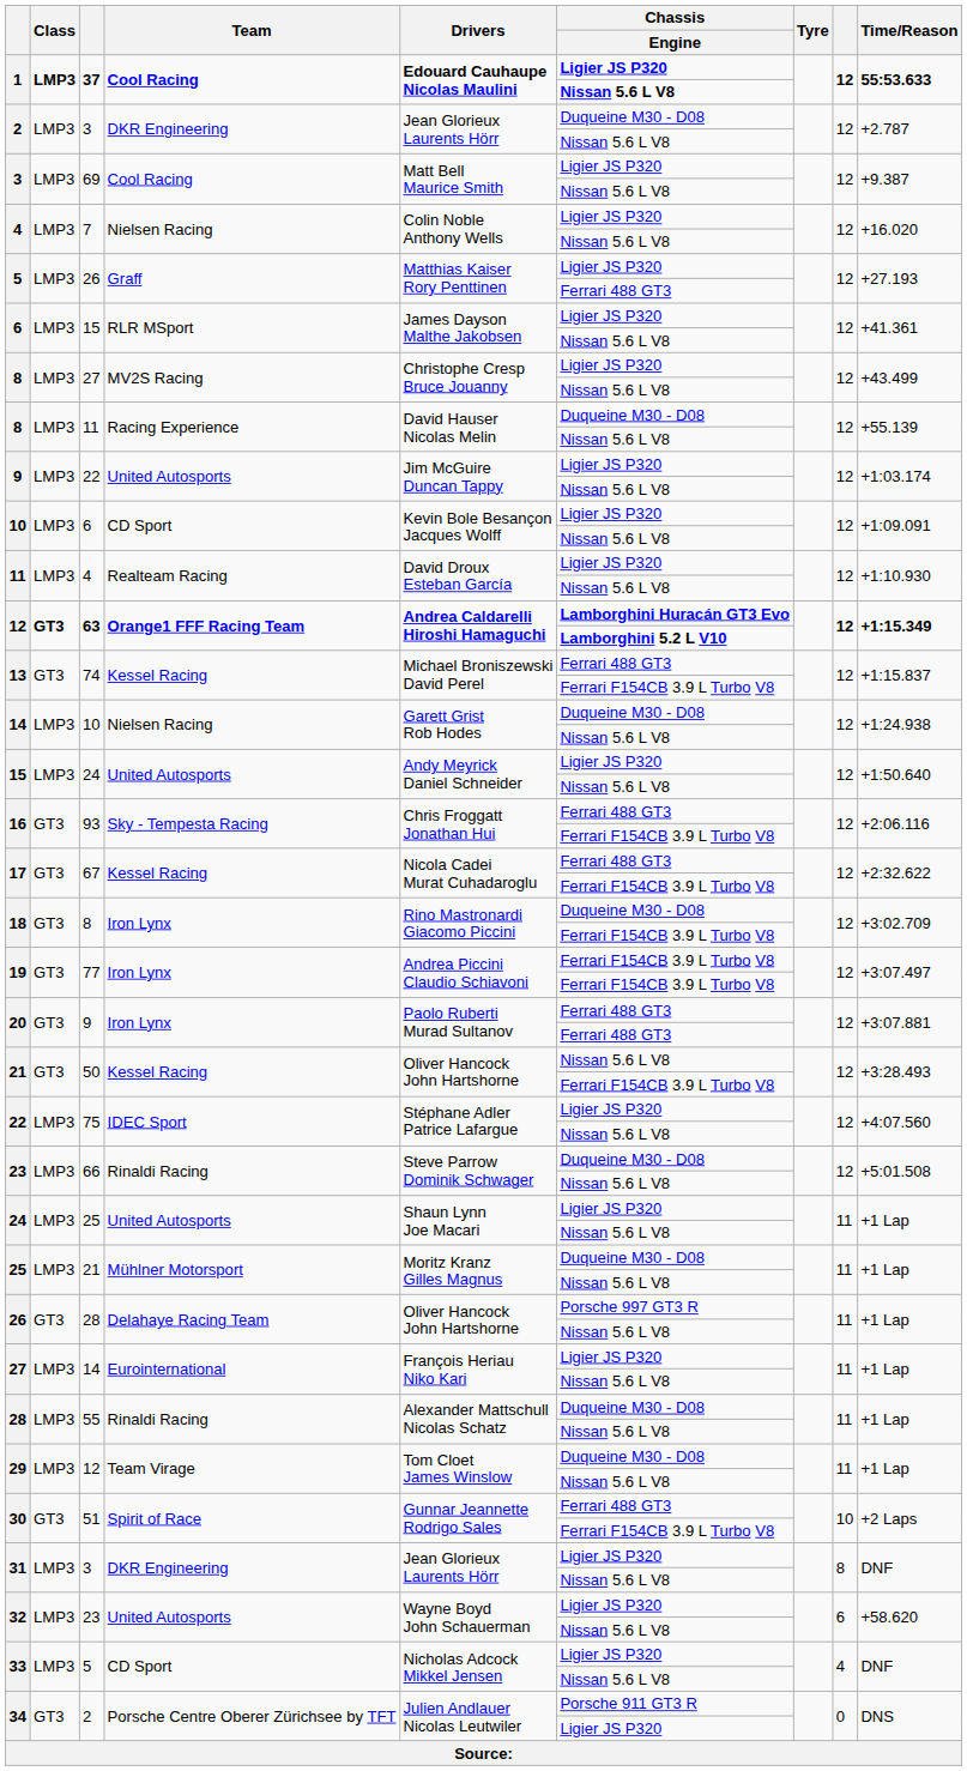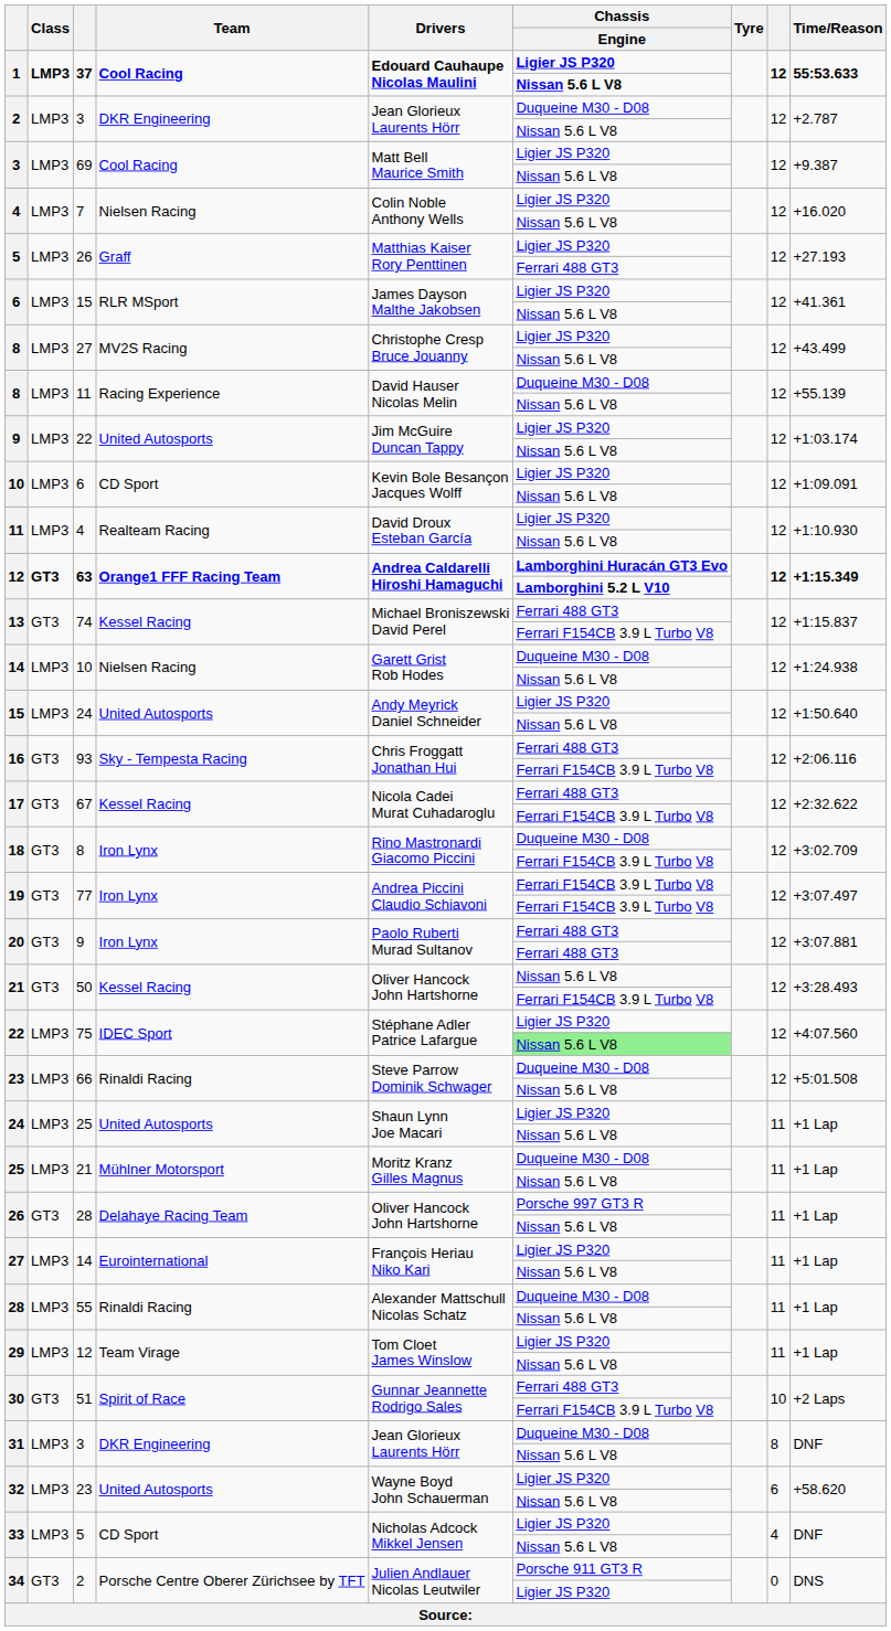 <table class="wikitable" style="font-size: 95%;">
 <tr>
 <th rowspan=2></th>
 <th rowspan=2>Class</th>
 <th rowspan=2></th>
 <th rowspan=2>Team</th>
 <th rowspan=2>Drivers</th>
 <th scope=col>Chassis</th>
 <th rowspan=2>Tyre</th>
 <th rowspan=2></th>
 <th rowspan=2>Time/Reason</th>
 </tr>
 <tr>
 <th scope=col>Engine</th>
 </tr>
 <tr style="font-weight:bold">
 <th rowspan=2>1</th>
 <td rowspan=2>LMP3</td>
 <td rowspan=2>37</td>
 <td rowspan=2> <a href='#'>Cool Racing</a></td>
 <td rowspan=2> Edouard Cauhaupe<br> <a href='#'>Nicolas Maulini</a></td>
 <td><a href='#'>Ligier JS P320</a></td>
 <td rowspan=2></td>
 <td rowspan=2>12</td>
 <td rowspan=2>55:53.633</td>
 </tr>
 <tr style="font-weight:bold">
 <td><a href='#'>Nissan</a> 5.6 L V8</td>
 </tr>
 <tr>
 <th rowspan=2>2</th>
 <td rowspan=2>LMP3</td>
 <td rowspan=2>3</td>
 <td rowspan=2> <a href='#'>DKR Engineering</a></td>
 <td rowspan=2> Jean Glorieux<br> <a href='#'>Laurents Hörr</a></td>
 <td><a href='#'>Duqueine M30 - D08</a></td>
 <td rowspan=2></td>
 <td rowspan=2>12</td>
 <td rowspan=2>+2.787</td>
 </tr>
 <tr>
 <td><a href='#'>Nissan</a> 5.6 L V8</td>
 </tr>
 <tr>
 <th rowspan=2>3</th>
 <td rowspan=2>LMP3</td>
 <td rowspan=2>69</td>
 <td rowspan=2> <a href='#'>Cool Racing</a></td>
 <td rowspan=2> Matt Bell<br> <a href='#'>Maurice Smith</a></td>
 <td><a href='#'>Ligier JS P320</a></td>
 <td rowspan=2></td>
 <td rowspan=2>12</td>
 <td rowspan=2>+9.387</td>
 </tr>
 <tr>
 <td><a href='#'>Nissan</a> 5.6 L V8</td>
 </tr>
 <tr>
 <th rowspan=2>4</th>
 <td rowspan=2>LMP3</td>
 <td rowspan=2>7</td>
 <td rowspan=2> Nielsen Racing</td>
 <td rowspan=2> Colin Noble<br> Anthony Wells</td>
 <td><a href='#'>Ligier JS P320</a></td>
 <td rowspan=2></td>
 <td rowspan=2>12</td>
 <td rowspan=2>+16.020</td>
 </tr>
 <tr>
 <td><a href='#'>Nissan</a> 5.6 L V8</td>
 </tr>
 <tr>
 <th rowspan=2>5</th>
 <td rowspan=2>LMP3</td>
 <td rowspan=2>26</td>
 <td rowspan=2> <a href='#'>Graff</a></td>
 <td rowspan=2> <a href='#'>Matthias Kaiser</a><br> <a href='#'>Rory Penttinen</a></td>
 <td><a href='#'>Ligier JS P320</a></td>
 <td rowspan=2></td>
 <td rowspan=2>12</td>
 <td rowspan=2>+27.193</td>
 </tr>
 <tr>
 <td><a href='#'>Ferrari 488 GT3</a></td>
 </tr>
 <tr>
 <th rowspan=2>6</th>
 <td rowspan=2>LMP3</td>
 <td rowspan=2>15</td>
 <td rowspan=2> RLR MSport</td>
 <td rowspan=2> James Dayson<br> <a href='#'>Malthe Jakobsen</a></td>
 <td><a href='#'>Ligier JS P320</a></td>
 <td rowspan=2></td>
 <td rowspan=2>12</td>
 <td rowspan=2>+41.361</td>
 </tr>
 <tr>
 <td><a href='#'>Nissan</a> 5.6 L V8</td>
 </tr>
 <tr>
 <th rowspan=2>8</th>
 <td rowspan=2>LMP3</td>
 <td rowspan=2>27</td>
 <td rowspan=2> MV2S Racing</td>
 <td rowspan=2> Christophe Cresp<br> <a href='#'>Bruce Jouanny</a></td>
 <td><a href='#'>Ligier JS P320</a></td>
 <td rowspan=2></td>
 <td rowspan=2>12</td>
 <td rowspan=2>+43.499</td>
 </tr>
 <tr>
 <td><a href='#'>Nissan</a> 5.6 L V8</td>
 </tr>
 <tr>
 <th rowspan=2>8</th>
 <td rowspan=2>LMP3</td>
 <td rowspan=2>11</td>
 <td rowspan=2> Racing Experience</td>
 <td rowspan=2> David Hauser<br> Nicolas Melin</td>
 <td><a href='#'>Duqueine M30 - D08</a></td>
 <td rowspan=2></td>
 <td rowspan=2>12</td>
 <td rowspan=2>+55.139</td>
 </tr>
 <tr>
 <td><a href='#'>Nissan</a> 5.6 L V8</td>
 </tr>
 <tr>
 <th rowspan=2>9</th>
 <td rowspan=2>LMP3</td>
 <td rowspan=2>22</td>
 <td rowspan=2> <a href='#'>United Autosports</a></td>
 <td rowspan=2> Jim McGuire<br> <a href='#'>Duncan Tappy</a></td>
 <td><a href='#'>Ligier JS P320</a></td>
 <td rowspan=2></td>
 <td rowspan=2>12</td>
 <td rowspan=2>+1:03.174</td>
 </tr>
 <tr>
 <td><a href='#'>Nissan</a> 5.6 L V8</td>
 </tr>
 <tr>
 <th rowspan=2>10</th>
 <td rowspan=2>LMP3</td>
 <td rowspan=2>6</td>
 <td rowspan=2> CD Sport</td>
 <td rowspan=2> Kevin Bole Besançon<br> Jacques Wolff</td>
 <td><a href='#'>Ligier JS P320</a></td>
 <td rowspan=2></td>
 <td rowspan=2>12</td>
 <td rowspan=2>+1:09.091</td>
 </tr>
 <tr>
 <td><a href='#'>Nissan</a> 5.6 L V8</td>
 </tr>
 <tr>
 <th rowspan=2>11</th>
 <td rowspan=2>LMP3</td>
 <td rowspan=2>4</td>
 <td rowspan=2> Realteam Racing</td>
 <td rowspan=2> David Droux<br> <a href='#'>Esteban García</a></td>
 <td><a href='#'>Ligier JS P320</a></td>
 <td rowspan=2></td>
 <td rowspan=2>12</td>
 <td rowspan=2>+1:10.930</td>
 </tr>
 <tr>
 <td><a href='#'>Nissan</a> 5.6 L V8</td>
 </tr>
 <tr style="font-weight:bold">
 <th rowspan=2>12</th>
 <td rowspan=2>GT3</td>
 <td rowspan=2>63</td>
 <td rowspan=2> <a href='#'>Orange1 FFF Racing Team</a></td>
 <td rowspan=2> <a href='#'>Andrea Caldarelli</a><br> <a href='#'>Hiroshi Hamaguchi</a></td>
 <td><a href='#'>Lamborghini Huracán GT3 Evo</a></td>
 <td rowspan=2></td>
 <td rowspan=2>12</td>
 <td rowspan=2>+1:15.349</td>
 </tr>
 <tr style="font-weight:bold">
 <td><a href='#'>Lamborghini</a> 5.2 L <a href='#'>V10</a></td>
 </tr>
 <tr>
 <th rowspan=2>13</th>
 <td rowspan=2>GT3</td>
 <td rowspan=2>74</td>
 <td rowspan=2> <a href='#'>Kessel Racing</a></td>
 <td rowspan=2> Michael Broniszewski<br> David Perel</td>
 <td><a href='#'>Ferrari 488 GT3</a></td>
 <td rowspan=2></td>
 <td rowspan=2>12</td>
 <td rowspan=2>+1:15.837</td>
 </tr>
 <tr>
 <td><a href='#'>Ferrari F154CB</a> 3.9 L <a href='#'>Turbo</a> <a href='#'>V8</a></td>
 </tr>
 <tr>
 <th rowspan=2>14</th>
 <td rowspan=2>LMP3</td>
 <td rowspan=2>10</td>
 <td rowspan=2> Nielsen Racing</td>
 <td rowspan=2> <a href='#'>Garett Grist</a><br> Rob Hodes</td>
 <td><a href='#'>Duqueine M30 - D08</a></td>
 <td rowspan=2></td>
 <td rowspan=2>12</td>
 <td rowspan=2>+1:24.938</td>
 </tr>
 <tr>
 <td><a href='#'>Nissan</a> 5.6 L V8</td>
 </tr>
 <tr>
 <th rowspan=2>15</th>
 <td rowspan=2>LMP3</td>
 <td rowspan=2>24</td>
 <td rowspan=2> <a href='#'>United Autosports</a></td>
 <td rowspan=2> <a href='#'>Andy Meyrick</a><br> Daniel Schneider</td>
 <td><a href='#'>Ligier JS P320</a></td>
 <td rowspan=2></td>
 <td rowspan=2>12</td>
 <td rowspan=2>+1:50.640</td>
 </tr>
 <tr>
 <td><a href='#'>Nissan</a> 5.6 L V8</td>
 </tr>
 <tr>
 <th rowspan=2>16</th>
 <td rowspan=2>GT3</td>
 <td rowspan=2>93</td>
 <td rowspan=2> <a href='#'>Sky - Tempesta Racing</a></td>
 <td rowspan=2> Chris Froggatt<br> <a href='#'>Jonathan Hui</a></td>
 <td><a href='#'>Ferrari 488 GT3</a></td>
 <td rowspan=2></td>
 <td rowspan=2>12</td>
 <td rowspan=2>+2:06.116</td>
 </tr>
 <tr>
 <td><a href='#'>Ferrari F154CB</a> 3.9 L <a href='#'>Turbo</a> <a href='#'>V8</a></td>
 </tr>
 <tr>
 <th rowspan=2>17</th>
 <td rowspan=2>GT3</td>
 <td rowspan=2>67</td>
 <td rowspan=2> <a href='#'>Kessel Racing</a></td>
 <td rowspan=2> Nicola Cadei<br> Murat Cuhadaroglu</td>
 <td><a href='#'>Ferrari 488 GT3</a></td>
 <td rowspan=2></td>
 <td rowspan=2>12</td>
 <td rowspan=2>+2:32.622</td>
 </tr>
 <tr>
 <td><a href='#'>Ferrari F154CB</a> 3.9 L <a href='#'>Turbo</a> <a href='#'>V8</a></td>
 </tr>
 <tr>
 <th rowspan=2>18</th>
 <td rowspan=2>GT3</td>
 <td rowspan=2>8</td>
 <td rowspan=2> <a href='#'>Iron Lynx</a></td>
 <td rowspan=2> <a href='#'>Rino Mastronardi</a><br> <a href='#'>Giacomo Piccini</a></td>
 <td><a href='#'>Duqueine M30 - D08</a></td>
 <td rowspan=2></td>
 <td rowspan=2>12</td>
 <td rowspan=2>+3:02.709</td>
 </tr>
 <tr>
 <td><a href='#'>Ferrari F154CB</a> 3.9 L <a href='#'>Turbo</a> <a href='#'>V8</a></td>
 </tr>
 <tr>
 <th rowspan=2>19</th>
 <td rowspan=2>GT3</td>
 <td rowspan=2>77</td>
 <td rowspan=2> <a href='#'>Iron Lynx</a></td>
 <td rowspan=2> <a href='#'>Andrea Piccini</a><br> <a href='#'>Claudio Schiavoni</a></td>
 <td><a href='#'>Ferrari F154CB</a> 3.9 L <a href='#'>Turbo</a> <a href='#'>V8</a></td>
 <td rowspan=2></td>
 <td rowspan=2>12</td>
 <td rowspan=2>+3:07.497</td>
 </tr>
 <tr>
 <td><a href='#'>Ferrari F154CB</a> 3.9 L <a href='#'>Turbo</a> <a href='#'>V8</a></td>
 </tr>
 <tr>
 <th rowspan=2>20</th>
 <td rowspan=2>GT3</td>
 <td rowspan=2>9</td>
 <td rowspan=2> <a href='#'>Iron Lynx</a></td>
 <td rowspan=2> <a href='#'>Paolo Ruberti</a><br> Murad Sultanov</td>
 <td><a href='#'>Ferrari 488 GT3</a></td>
 <td rowspan=2></td>
 <td rowspan=2>12</td>
 <td rowspan=2>+3:07.881</td>
 </tr>
 <tr>
 <td><a href='#'>Ferrari 488 GT3</a></td>
 </tr>
 <tr>
 <th rowspan=2>21</th>
 <td rowspan=2>GT3</td>
 <td rowspan=2>50</td>
 <td rowspan=2> <a href='#'>Kessel Racing</a></td>
 <td rowspan=2> Oliver Hancock<br> John Hartshorne</td>
 <td><a href='#'>Nissan</a> 5.6 L V8</td>
 <td rowspan=2></td>
 <td rowspan=2>12</td>
 <td rowspan=2>+3:28.493</td>
 </tr>
 <tr>
 <td><a href='#'>Ferrari F154CB</a> 3.9 L <a href='#'>Turbo</a> <a href='#'>V8</a></td>
 </tr>
 <tr>
 <th rowspan=2>22</th>
 <td rowspan=2>LMP3</td>
 <td rowspan=2>75</td>
 <td rowspan=2> <a href='#'>IDEC Sport</a></td>
 <td rowspan=2> Stéphane Adler<br> Patrice Lafargue</td>
 <td><a href='#'>Ligier JS P320</a></td>
 <td rowspan=2></td>
 <td rowspan=2>12</td>
 <td rowspan=2>+4:07.560</td>
 </tr>
 <tr>
-<td><a href='#'>Nissan</a> 5.6 L V8</td>
+<td style="background: lightgreen;"><a href='#'>Nissan</a> 5.6 L V8</td>
 </tr>
 <tr>
 <th rowspan=2>23</th>
 <td rowspan=2>LMP3</td>
 <td rowspan=2>66</td>
 <td rowspan=2> Rinaldi Racing</td>
 <td rowspan=2> Steve Parrow<br> <a href='#'>Dominik Schwager</a></td>
 <td><a href='#'>Duqueine M30 - D08</a></td>
 <td rowspan=2></td>
 <td rowspan=2>12</td>
 <td rowspan=2>+5:01.508</td>
 </tr>
 <tr>
 <td><a href='#'>Nissan</a> 5.6 L V8</td>
 </tr>
 <tr>
 <th rowspan=2>24</th>
 <td rowspan=2>LMP3</td>
 <td rowspan=2>25</td>
 <td rowspan=2> <a href='#'>United Autosports</a></td>
 <td rowspan=2> Shaun Lynn<br> Joe Macari</td>
 <td><a href='#'>Ligier JS P320</a></td>
 <td rowspan=2></td>
 <td rowspan=2>11</td>
 <td rowspan=2>+1 Lap</td>
 </tr>
 <tr>
 <td><a href='#'>Nissan</a> 5.6 L V8</td>
 </tr>
 <tr>
 <th rowspan=2>25</th>
 <td rowspan=2>LMP3</td>
 <td rowspan=2>21</td>
 <td rowspan=2> <a href='#'>Mühlner Motorsport</a></td>
 <td rowspan=2> Moritz Kranz<br> <a href='#'>Gilles Magnus</a></td>
 <td><a href='#'>Duqueine M30 - D08</a></td>
 <td rowspan=2></td>
 <td rowspan=2>11</td>
 <td rowspan=2>+1 Lap</td>
 </tr>
 <tr>
 <td><a href='#'>Nissan</a> 5.6 L V8</td>
 </tr>
 <tr>
 <th rowspan=2>26</th>
 <td rowspan=2>GT3</td>
 <td rowspan=2>28</td>
 <td rowspan=2> <a href='#'>Delahaye Racing Team</a></td>
 <td rowspan=2> Oliver Hancock<br> John Hartshorne</td>
 <td><a href='#'>Porsche 997 GT3 R</a></td>
 <td rowspan=2></td>
 <td rowspan=2>11</td>
 <td rowspan=2>+1 Lap</td>
 </tr>
 <tr>
 <td><a href='#'>Nissan</a> 5.6 L V8</td>
 </tr>
 <tr>
 <th rowspan=2>27</th>
 <td rowspan=2>LMP3</td>
 <td rowspan=2>14</td>
 <td rowspan=2> <a href='#'>Eurointernational</a></td>
 <td rowspan=2> François Heriau<br> <a href='#'>Niko Kari</a></td>
 <td><a href='#'>Ligier JS P320</a></td>
 <td rowspan=2></td>
 <td rowspan=2>11</td>
 <td rowspan=2>+1 Lap</td>
 </tr>
 <tr>
 <td><a href='#'>Nissan</a> 5.6 L V8</td>
 </tr>
 <tr>
 <th rowspan=2>28</th>
 <td rowspan=2>LMP3</td>
 <td rowspan=2>55</td>
 <td rowspan=2> Rinaldi Racing</td>
 <td rowspan=2> Alexander Mattschull<br> Nicolas Schatz</td>
 <td><a href='#'>Duqueine M30 - D08</a></td>
 <td rowspan=2></td>
 <td rowspan=2>11</td>
 <td rowspan=2>+1 Lap</td>
 </tr>
 <tr>
 <td><a href='#'>Nissan</a> 5.6 L V8</td>
 </tr>
 <tr>
 <th rowspan=2>29</th>
 <td rowspan=2>LMP3</td>
 <td rowspan=2>12</td>
 <td rowspan=2> Team Virage</td>
 <td rowspan=2> Tom Cloet<br> <a href='#'>James Winslow</a></td>
-<td><a href='#'>Duqueine M30 - D08</a></td>
+<td><a href='#'>Ligier JS P320</a></td>
 <td rowspan=2></td>
 <td rowspan=2>11</td>
 <td rowspan=2>+1 Lap</td>
 </tr>
 <tr>
 <td><a href='#'>Nissan</a> 5.6 L V8</td>
 </tr>
 <tr>
 <th rowspan=2>30</th>
 <td rowspan=2>GT3</td>
 <td rowspan=2>51</td>
 <td rowspan=2> <a href='#'>Spirit of Race</a></td>
 <td rowspan=2> <a href='#'>Gunnar Jeannette</a><br> <a href='#'>Rodrigo Sales</a></td>
 <td><a href='#'>Ferrari 488 GT3</a></td>
 <td rowspan=2></td>
 <td rowspan=2>10</td>
 <td rowspan=2>+2 Laps</td>
 </tr>
 <tr>
 <td><a href='#'>Ferrari F154CB</a> 3.9 L <a href='#'>Turbo</a> <a href='#'>V8</a></td>
 </tr>
 <tr>
 <th rowspan=2>31</th>
 <td rowspan=2>LMP3</td>
 <td rowspan=2>3</td>
 <td rowspan=2> <a href='#'>DKR Engineering</a></td>
 <td rowspan=2> Jean Glorieux<br> <a href='#'>Laurents Hörr</a></td>
-<td><a href='#'>Ligier JS P320</a></td>
+<td><a href='#'>Duqueine M30 - D08</a></td>
 <td rowspan=2></td>
 <td rowspan=2>8</td>
 <td rowspan=2>DNF</td>
 </tr>
 <tr>
 <td><a href='#'>Nissan</a> 5.6 L V8</td>
 </tr>
 <tr>
 <th rowspan=2>32</th>
 <td rowspan=2>LMP3</td>
 <td rowspan=2>23</td>
 <td rowspan=2> <a href='#'>United Autosports</a></td>
 <td rowspan=2> Wayne Boyd<br> John Schauerman</td>
 <td><a href='#'>Ligier JS P320</a></td>
 <td rowspan=2></td>
 <td rowspan=2>6</td>
 <td rowspan=2>+58.620</td>
 </tr>
 <tr>
 <td><a href='#'>Nissan</a> 5.6 L V8</td>
 </tr>
 <tr>
 <th rowspan=2>33</th>
 <td rowspan=2>LMP3</td>
 <td rowspan=2>5</td>
 <td rowspan=2> CD Sport</td>
 <td rowspan=2> Nicholas Adcock<br> <a href='#'>Mikkel Jensen</a></td>
 <td><a href='#'>Ligier JS P320</a></td>
 <td rowspan=2></td>
 <td rowspan=2>4</td>
 <td rowspan=2>DNF</td>
 </tr>
 <tr>
 <td><a href='#'>Nissan</a> 5.6 L V8</td>
 </tr>
 <tr>
 <th rowspan=2>34</th>
 <td rowspan=2>GT3</td>
 <td rowspan=2>2</td>
 <td rowspan=2> Porsche Centre Oberer Zürichsee by <a href='#'>TFT</a></td>
 <td rowspan=2> <a href='#'>Julien Andlauer</a><br> Nicolas Leutwiler</td>
 <td><a href='#'>Porsche 911 GT3 R</a></td>
 <td rowspan=2></td>
 <td rowspan=2>0</td>
 <td rowspan=2>DNS</td>
 </tr>
 <tr>
 <td><a href='#'>Ligier JS P320</a></td>
 </tr>
 <tr>
 <th colspan="9">Source:</th>
 </tr>
 </table>
